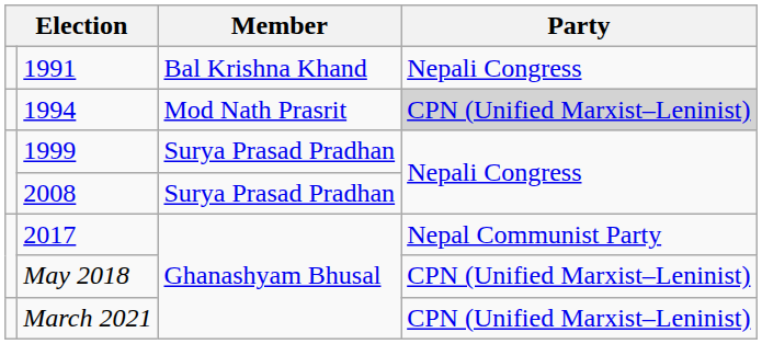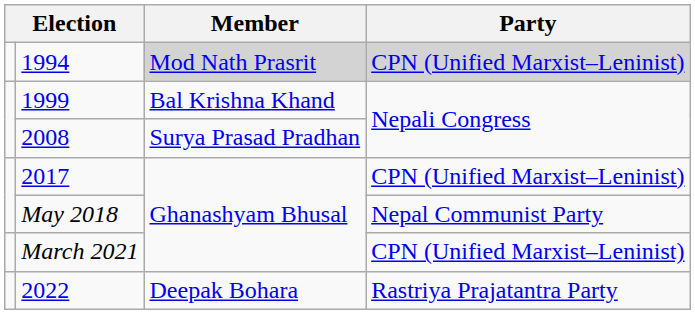 <table class="wikitable">
 <tr>
 <th colspan="2">Election</th>
 <th>Member</th>
 <th>Party</th>
 </tr>
 <tr>
 <td style="background-color:"></td>
-<td><a href='#'>1991</a></td>
-<td><a href='#'>Bal Krishna Khand</a></td>
-<td><a href='#'>Nepali Congress</a></td>
-</tr>
-<tr>
-<td style="background-color:"></td>
 <td><a href='#'>1994</a></td>
-<td><a href='#'>Mod Nath Prasrit</a></td>
+<td style="background: lightgrey;"><a href='#'>Mod Nath Prasrit</a></td>
 <td style="background: lightgrey;"><a href='#'>CPN (Unified Marxist–Leninist)</a></td>
 </tr>
 <tr>
 <td rowspan="2" style="background-color:"></td>
 <td><a href='#'>1999</a></td>
-<td><a href='#'>Surya Prasad Pradhan</a></td>
+<td><a href='#'>Bal Krishna Khand</a></td>
 <td rowspan="2"><a href='#'>Nepali Congress</a></td>
 </tr>
 <tr>
 <td><a href='#'>2008</a></td>
 <td><a href='#'>Surya Prasad Pradhan</a></td>
 </tr>
 <tr>
 <td rowspan="2" style="background-color:"></td>
 <td><a href='#'>2017</a></td>
 <td rowspan="3"><a href='#'>Ghanashyam Bhusal</a></td>
-<td><a href='#'>Nepal Communist Party</a></td>
+<td><a href='#'>CPN (Unified Marxist–Leninist)</a></td>
 </tr>
 <tr>
 <td><em>May 2018</em></td>
-<td><a href='#'>CPN (Unified Marxist–Leninist)</a></td>
+<td><a href='#'>Nepal Communist Party</a></td>
 </tr>
 <tr>
 <td></td>
 <td><em>March 2021</em></td>
 <td><a href='#'>CPN (Unified Marxist–Leninist)</a></td>
 </tr>
+<tr>
+<td></td>
+<td><a href='#'>2022</a></td>
+<td><a href='#'>Deepak Bohara</a></td>
+<td><a href='#'>Rastriya Prajatantra Party</a></td>
+</tr>
 </table>
